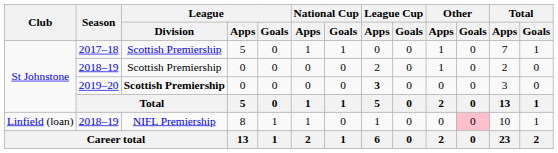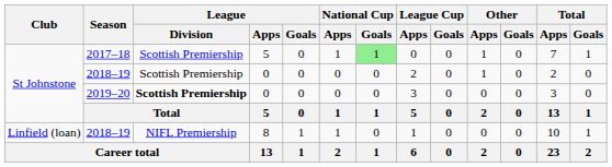 <table class="wikitable" style="text-align: center">
 <tr>
 <th rowspan="2">Club</th>
 <th rowspan="2">Season</th>
 <th colspan="3">League</th>
 <th colspan="2">National Cup</th>
 <th colspan="2">League Cup</th>
 <th colspan="2">Other</th>
 <th colspan="2">Total</th>
 </tr>
 <tr>
 <th>Division</th>
 <th>Apps</th>
 <th>Goals</th>
 <th>Apps</th>
 <th>Goals</th>
 <th>Apps</th>
 <th>Goals</th>
 <th>Apps</th>
 <th>Goals</th>
 <th>Apps</th>
 <th>Goals</th>
 </tr>
 <tr>
 <td rowspan=4><a href='#'>St Johnstone</a></td>
 <td><a href='#'>2017–18</a></td>
 <td><a href='#'>Scottish Premiership</a></td>
 <td>5</td>
 <td>0</td>
 <td>1</td>
-<td>1</td>
+<td style="background: lightgreen;">1</td>
 <td>0</td>
 <td>0</td>
 <td>1</td>
 <td>0</td>
 <td>7</td>
 <td>1</td>
 </tr>
 <tr>
 <td><a href='#'>2018–19</a></td>
 <td>Scottish Premiership</td>
 <td>0</td>
 <td>0</td>
 <td>0</td>
 <td>0</td>
 <td>2</td>
 <td>0</td>
 <td>1</td>
 <td>0</td>
 <td>2</td>
 <td>0</td>
 </tr>
 <tr>
 <td><a href='#'>2019–20</a></td>
 <td><strong>Scottish Premiership</strong></td>
 <td>0</td>
 <td>0</td>
 <td>0</td>
 <td>0</td>
-<td><strong>3</strong></td>
+<td>3</td>
 <td>0</td>
 <td>0</td>
 <td>0</td>
 <td>3</td>
 <td>0</td>
 </tr>
 <tr>
 <th colspan=2>Total</th>
 <th>5</th>
 <th>0</th>
 <th>1</th>
 <th>1</th>
 <th>5</th>
 <th>0</th>
 <th>2</th>
 <th>0</th>
 <th>13</th>
 <th>1</th>
 </tr>
 <tr>
 <td><a href='#'>Linfield</a> (loan)</td>
 <td><a href='#'>2018–19</a></td>
 <td><a href='#'>NIFL Premiership</a></td>
 <td>8</td>
 <td>1</td>
 <td>1</td>
 <td>0</td>
 <td>1</td>
 <td>0</td>
 <td>0</td>
-<td style="background: pink;">0</td>
+<td>0</td>
 <td>10</td>
 <td>1</td>
 </tr>
 <tr>
 <th colspan="3">Career total</th>
 <th>13</th>
 <th>1</th>
 <th>2</th>
 <th>1</th>
 <th>6</th>
 <th>0</th>
 <th>2</th>
 <th>0</th>
 <th>23</th>
 <th>2</th>
 </tr>
 </table>
